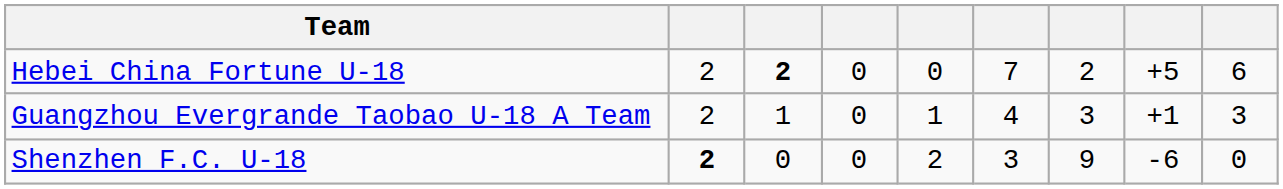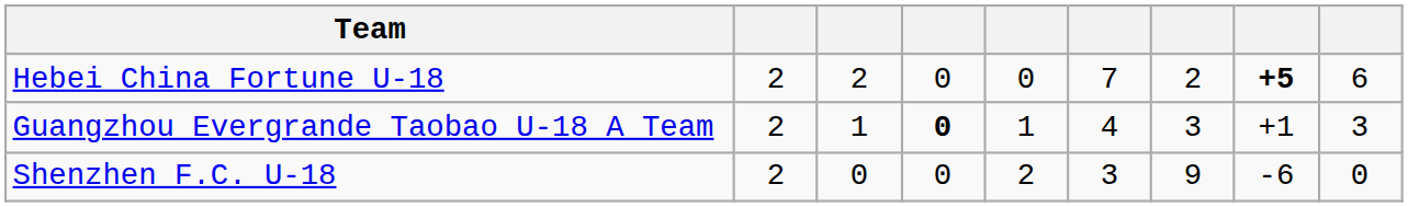 <table class="wikitable" style="text-align:center;">
 <tr>
 <th width=310>Team</th>
 <th width=30></th>
 <th width=30></th>
 <th width=30></th>
 <th width=30></th>
 <th width=30></th>
 <th width=30></th>
 <th width=30></th>
 <th width=30></th>
 </tr>
 <tr style=>
 <td align="left"><a href='#'>Hebei China Fortune U-18</a></td>
 <td>2</td>
-<td><strong>2</strong></td>
+<td>2</td>
 <td>0</td>
 <td>0</td>
 <td>7</td>
 <td>2</td>
-<td>+5</td>
+<td><strong>+5</strong></td>
 <td>6</td>
 </tr>
 <tr style=>
 <td align="left"><a href='#'>Guangzhou Evergrande Taobao U-18 A Team</a></td>
 <td>2</td>
 <td>1</td>
-<td>0</td>
+<td><strong>0</strong></td>
 <td>1</td>
 <td>4</td>
 <td>3</td>
 <td>+1</td>
 <td>3</td>
 </tr>
 <tr style=>
 <td align="left"><a href='#'>Shenzhen F.C. U-18</a></td>
-<td><strong>2</strong></td>
+<td>2</td>
 <td>0</td>
 <td>0</td>
 <td>2</td>
 <td>3</td>
 <td>9</td>
 <td>-6</td>
 <td>0</td>
 </tr>
 </table>
